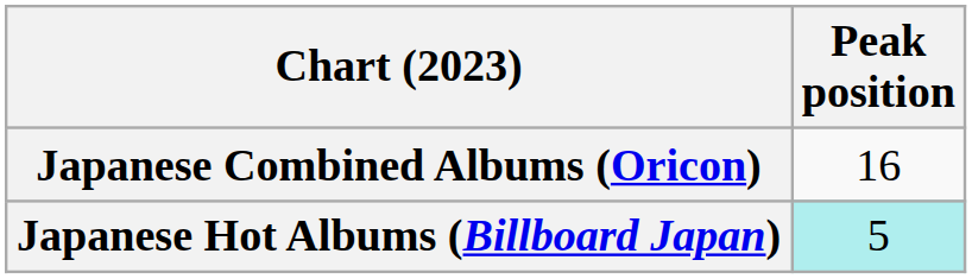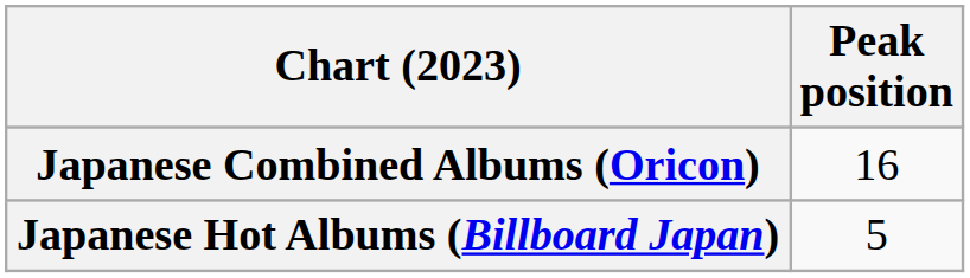 <table class="wikitable plainrowheaders sortable" style="text-align:center;">
 <tr>
 <th scope="col">Chart (2023)</th>
 <th scope="col">Peak<br>position</th>
 </tr>
 <tr>
 <th scope="row">Japanese Combined Albums (<a href='#'>Oricon</a>)</th>
 <td>16</td>
 </tr>
 <tr>
 <th scope="row">Japanese Hot Albums (<em><a href='#'>Billboard Japan</a></em>)</th>
-<td style="background: paleturquoise;">5</td>
+<td>5</td>
 </tr>
 </table>
